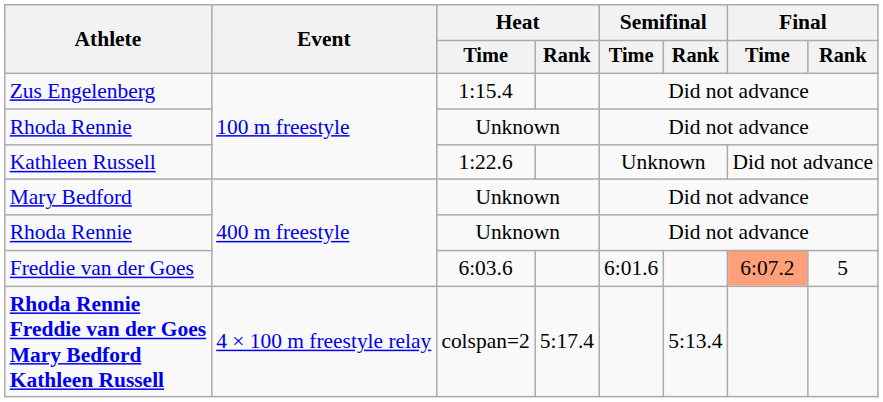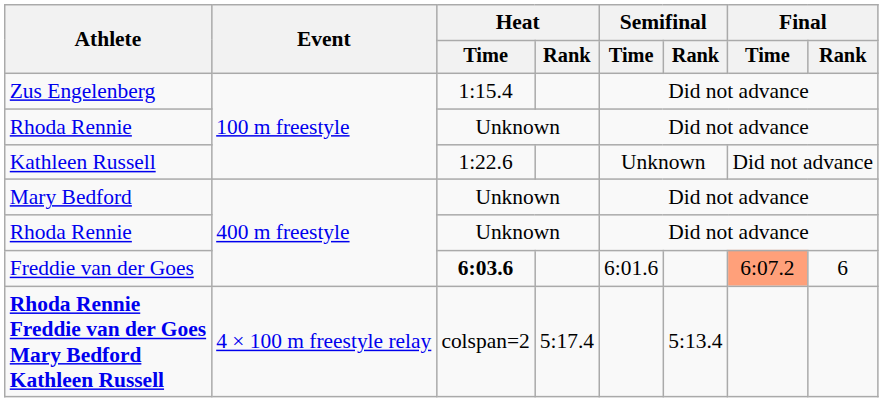 <table class=wikitable style="font-size:90%;">
 <tr>
 <th rowspan=2>Athlete</th>
 <th rowspan=2>Event</th>
 <th colspan=2>Heat</th>
 <th colspan=2>Semifinal</th>
 <th colspan=2>Final</th>
 </tr>
 <tr style="font-size:95%">
 <th>Time</th>
 <th>Rank</th>
 <th>Time</th>
 <th>Rank</th>
 <th>Time</th>
 <th>Rank</th>
 </tr>
 <tr align=center>
 <td align=left><a href='#'>Zus Engelenberg</a></td>
 <td rowspan=3 align=left><a href='#'>100 m freestyle</a></td>
 <td>1:15.4</td>
 <td></td>
 <td colspan=4>Did not advance</td>
 </tr>
 <tr align=center>
 <td align=left><a href='#'>Rhoda Rennie</a></td>
 <td colspan=2>Unknown</td>
 <td colspan=4>Did not advance</td>
 </tr>
 <tr align=center>
 <td align=left><a href='#'>Kathleen Russell</a></td>
 <td>1:22.6</td>
 <td></td>
 <td colspan=2>Unknown</td>
 <td colspan=2>Did not advance</td>
 </tr>
 <tr align=center>
 <td align=left><a href='#'>Mary Bedford</a></td>
 <td rowspan=3 align=left><a href='#'>400 m freestyle</a></td>
 <td colspan=2>Unknown</td>
 <td colspan=4>Did not advance</td>
 </tr>
 <tr align=center>
 <td align=left><a href='#'>Rhoda Rennie</a></td>
 <td colspan=2>Unknown</td>
 <td colspan=4>Did not advance</td>
 </tr>
 <tr align=center>
 <td align=left><a href='#'>Freddie van der Goes</a></td>
-<td>6:03.6</td>
+<td><strong>6:03.6</strong></td>
 <td></td>
 <td>6:01.6</td>
 <td></td>
 <td style="background: lightsalmon;">6:07.2</td>
-<td>5</td>
+<td>6</td>
 </tr>
 <tr align=center>
 <td align=left><strong><a href='#'>Rhoda Rennie</a><br><a href='#'>Freddie van der Goes</a><br><a href='#'>Mary Bedford</a><br><a href='#'>Kathleen Russell</a></strong></td>
 <td align=left><a href='#'>4 × 100 m freestyle relay</a></td>
 <td>colspan=2 </td>
 <td>5:17.4</td>
 <td></td>
 <td>5:13.4</td>
 <td></td>
 </tr>
 </table>
